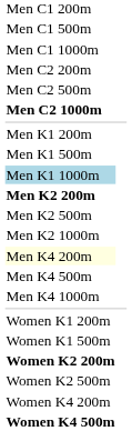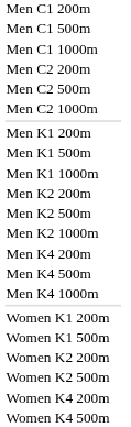 <table>
 <tr>
 <td>Men C1 200m</td>
 <td></td>
 <td></td>
 <td></td>
 </tr>
 <tr>
 <td>Men C1 500m</td>
 <td></td>
 <td></td>
 <td></td>
 </tr>
 <tr>
 <td>Men C1 1000m</td>
 <td></td>
 <td></td>
 <td></td>
 </tr>
 <tr>
 <td>Men C2 200m</td>
 <td></td>
 <td></td>
 <td></td>
 </tr>
 <tr>
 <td>Men C2 500m</td>
 <td></td>
 <td></td>
 <td></td>
 </tr>
 <tr>
-<td><strong>Men C2 1000m</strong></td>
+<td>Men C2 1000m</td>
 <td></td>
 <td></td>
 <td></td>
 </tr>
 <tr bgcolor=#DDDDDD>
 <td colspan=7></td>
 </tr>
 <tr>
 <td>Men K1 200m</td>
 <td></td>
 <td></td>
 <td></td>
 </tr>
 <tr>
 <td>Men K1 500m</td>
 <td></td>
 <td></td>
 <td></td>
 </tr>
 <tr>
-<td style="background: lightblue;">Men K1 1000m</td>
+<td>Men K1 1000m</td>
 <td></td>
 <td></td>
 <td></td>
 </tr>
 <tr>
-<td><strong>Men K2 200m</strong></td>
+<td>Men K2 200m</td>
 <td></td>
 <td></td>
 <td></td>
 </tr>
 <tr>
 <td>Men K2 500m</td>
 <td></td>
 <td></td>
 <td></td>
 </tr>
 <tr>
 <td>Men K2 1000m</td>
 <td></td>
 <td></td>
 <td></td>
 </tr>
 <tr>
-<td style="background: lightyellow;">Men K4 200m</td>
+<td>Men K4 200m</td>
 <td></td>
 <td></td>
 <td></td>
 </tr>
 <tr>
 <td>Men K4 500m</td>
 <td></td>
 <td></td>
 <td></td>
 </tr>
 <tr>
 <td>Men K4 1000m</td>
 <td></td>
 <td></td>
 <td></td>
 </tr>
 <tr bgcolor=#DDDDDD>
 <td colspan=7></td>
 </tr>
 <tr>
 <td>Women K1 200m</td>
 <td></td>
 <td></td>
 <td></td>
 </tr>
 <tr>
 <td>Women K1 500m</td>
 <td></td>
 <td></td>
 <td></td>
 </tr>
 <tr>
-<td><strong>Women K2 200m</strong></td>
+<td>Women K2 200m</td>
 <td></td>
 <td></td>
 <td></td>
 </tr>
 <tr>
 <td>Women K2 500m</td>
 <td></td>
 <td></td>
 <td></td>
 </tr>
 <tr>
 <td>Women K4 200m</td>
 <td></td>
 <td></td>
 <td></td>
 </tr>
 <tr>
-<td><strong>Women K4 500m</strong></td>
+<td>Women K4 500m</td>
 <td></td>
 <td></td>
 <td></td>
 </tr>
 </table>
